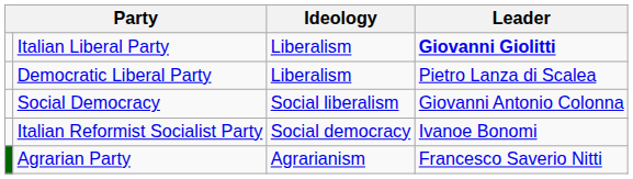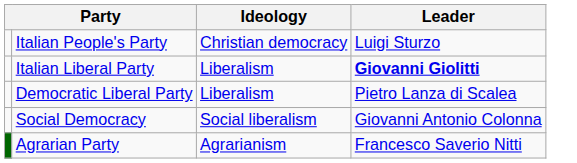 <table class=wikitable style="font-size:100%">
 <tr>
 <th colspan=2>Party</th>
 <th>Ideology</th>
 <th>Leader</th>
+</tr>
+<tr>
+<td style="color:inherit;background:"></td>
+<td><a href='#'>Italian People's Party</a></td>
+<td><a href='#'>Christian democracy</a></td>
+<td><a href='#'>Luigi Sturzo</a></td>
 </tr>
 <tr>
 <td style="color:inherit;background:"></td>
 <td><a href='#'>Italian Liberal Party</a></td>
 <td><a href='#'>Liberalism</a></td>
 <td><strong><a href='#'>Giovanni Giolitti</a></strong></td>
 </tr>
 <tr>
 <td style="color:inherit;background:"></td>
 <td><a href='#'>Democratic Liberal Party</a></td>
 <td><a href='#'>Liberalism</a></td>
 <td><a href='#'>Pietro Lanza di Scalea</a></td>
 </tr>
 <tr>
 <td style="color:inherit;background:"></td>
 <td><a href='#'>Social Democracy</a></td>
 <td><a href='#'>Social liberalism</a></td>
 <td><a href='#'>Giovanni Antonio Colonna</a></td>
 </tr>
 <tr>
-<td style="color:inherit;background:"></td>
-<td><a href='#'>Italian Reformist Socialist Party</a></td>
-<td><a href='#'>Social democracy</a></td>
-<td><a href='#'>Ivanoe Bonomi</a></td>
-</tr>
-<tr>
 <td style="color:inherit;background:#006600"></td>
 <td><a href='#'>Agrarian Party</a></td>
 <td><a href='#'>Agrarianism</a></td>
 <td><a href='#'>Francesco Saverio Nitti</a></td>
 </tr>
 </table>
